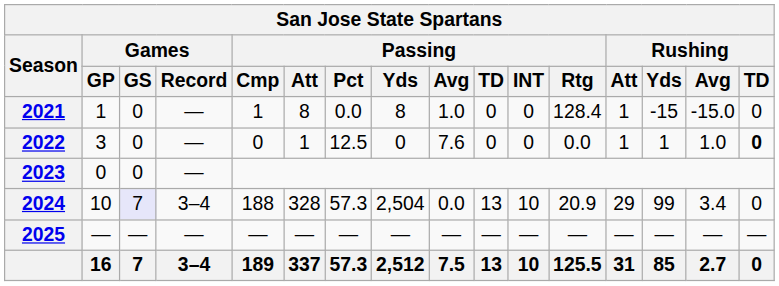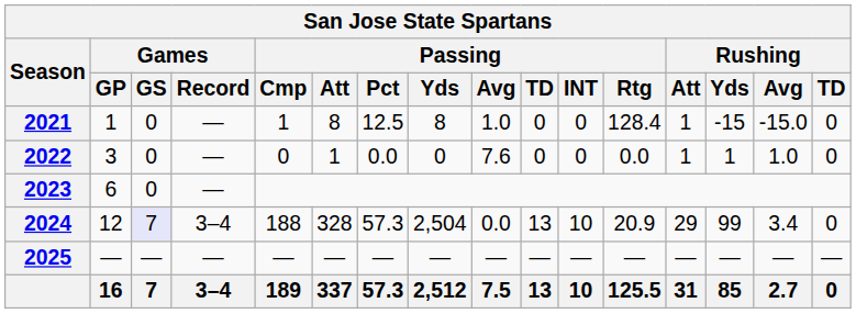 <table class="wikitable" style="text-align:center;">
 <tr>
 <th colspan="16">San Jose State Spartans</th>
 </tr>
 <tr>
 <th rowspan="2">Season</th>
 <th colspan="3">Games</th>
 <th colspan="8">Passing</th>
 <th colspan="4">Rushing</th>
 </tr>
 <tr>
 <th>GP</th>
 <th>GS</th>
 <th>Record</th>
 <th>Cmp</th>
 <th>Att</th>
 <th>Pct</th>
 <th>Yds</th>
 <th>Avg</th>
 <th>TD</th>
 <th>INT</th>
 <th>Rtg</th>
 <th>Att</th>
 <th>Yds</th>
 <th>Avg</th>
 <th>TD</th>
 </tr>
 <tr>
 <th><a href='#'>2021</a></th>
 <td>1</td>
 <td>0</td>
 <td>—</td>
 <td>1</td>
 <td>8</td>
-<td>0.0</td>
+<td>12.5</td>
 <td>8</td>
 <td>1.0</td>
 <td>0</td>
 <td>0</td>
 <td>128.4</td>
 <td>1</td>
 <td>-15</td>
 <td>-15.0</td>
 <td>0</td>
 </tr>
 <tr>
 <th><a href='#'>2022</a></th>
 <td>3</td>
 <td>0</td>
 <td>—</td>
 <td>0</td>
 <td>1</td>
-<td>12.5</td>
+<td>0.0</td>
 <td>0</td>
 <td>7.6</td>
 <td>0</td>
 <td>0</td>
 <td>0.0</td>
 <td>1</td>
 <td>1</td>
 <td>1.0</td>
-<td><strong>0</strong></td>
+<td>0</td>
 </tr>
 <tr>
 <th><a href='#'>2023</a></th>
-<td>0</td>
+<td>6</td>
 <td>0</td>
 <td>—</td>
 <td colspan="12"></td>
 </tr>
 <tr>
 <th><a href='#'>2024</a></th>
-<td>10</td>
+<td>12</td>
 <td style="background: lavender;">7</td>
 <td>3–4</td>
 <td>188</td>
 <td>328</td>
 <td>57.3</td>
 <td>2,504</td>
 <td>0.0</td>
 <td>13</td>
 <td>10</td>
 <td>20.9</td>
 <td>29</td>
 <td>99</td>
 <td>3.4</td>
 <td>0</td>
 </tr>
 <tr>
 <th><a href='#'>2025</a></th>
 <td>—</td>
 <td>—</td>
 <td>—</td>
 <td>—</td>
 <td>—</td>
 <td>—</td>
 <td>—</td>
 <td>—</td>
 <td>—</td>
 <td>—</td>
 <td>—</td>
 <td>—</td>
 <td>—</td>
 <td>—</td>
 <td>—</td>
 </tr>
 <tr>
 <th></th>
 <th>16</th>
 <th>7</th>
 <th>3–4</th>
 <th>189</th>
 <th>337</th>
 <th>57.3</th>
 <th>2,512</th>
 <th>7.5</th>
 <th>13</th>
 <th>10</th>
 <th>125.5</th>
 <th>31</th>
 <th>85</th>
 <th>2.7</th>
 <th>0</th>
 </tr>
 </table>
